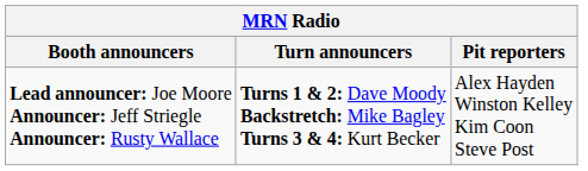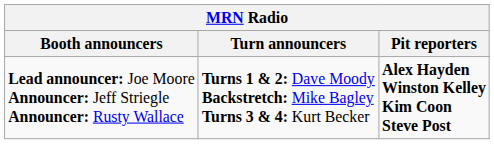 <table class="wikitable" style="font-size: 95%">
 <tr>
 <th colspan="3"><a href='#'>MRN</a> Radio</th>
 </tr>
 <tr>
 <th>Booth announcers</th>
 <th>Turn announcers</th>
 <th>Pit reporters</th>
 </tr>
 <tr>
 <td><strong>Lead announcer:</strong> Joe Moore<br><strong>Announcer:</strong> Jeff Striegle<br><strong>Announcer:</strong> <a href='#'>Rusty Wallace</a></td>
 <td><strong>Turns 1 & 2:</strong> <a href='#'>Dave Moody</a><br><strong>Backstretch:</strong> <a href='#'>Mike Bagley</a><br><strong>Turns 3 & 4:</strong> Kurt Becker</td>
-<td>Alex Hayden<br>Winston Kelley<br>Kim Coon<br>Steve Post</td>
+<td><strong>Alex Hayden<br>Winston Kelley<br>Kim Coon<br>Steve Post</strong></td>
 </tr>
 </table>
